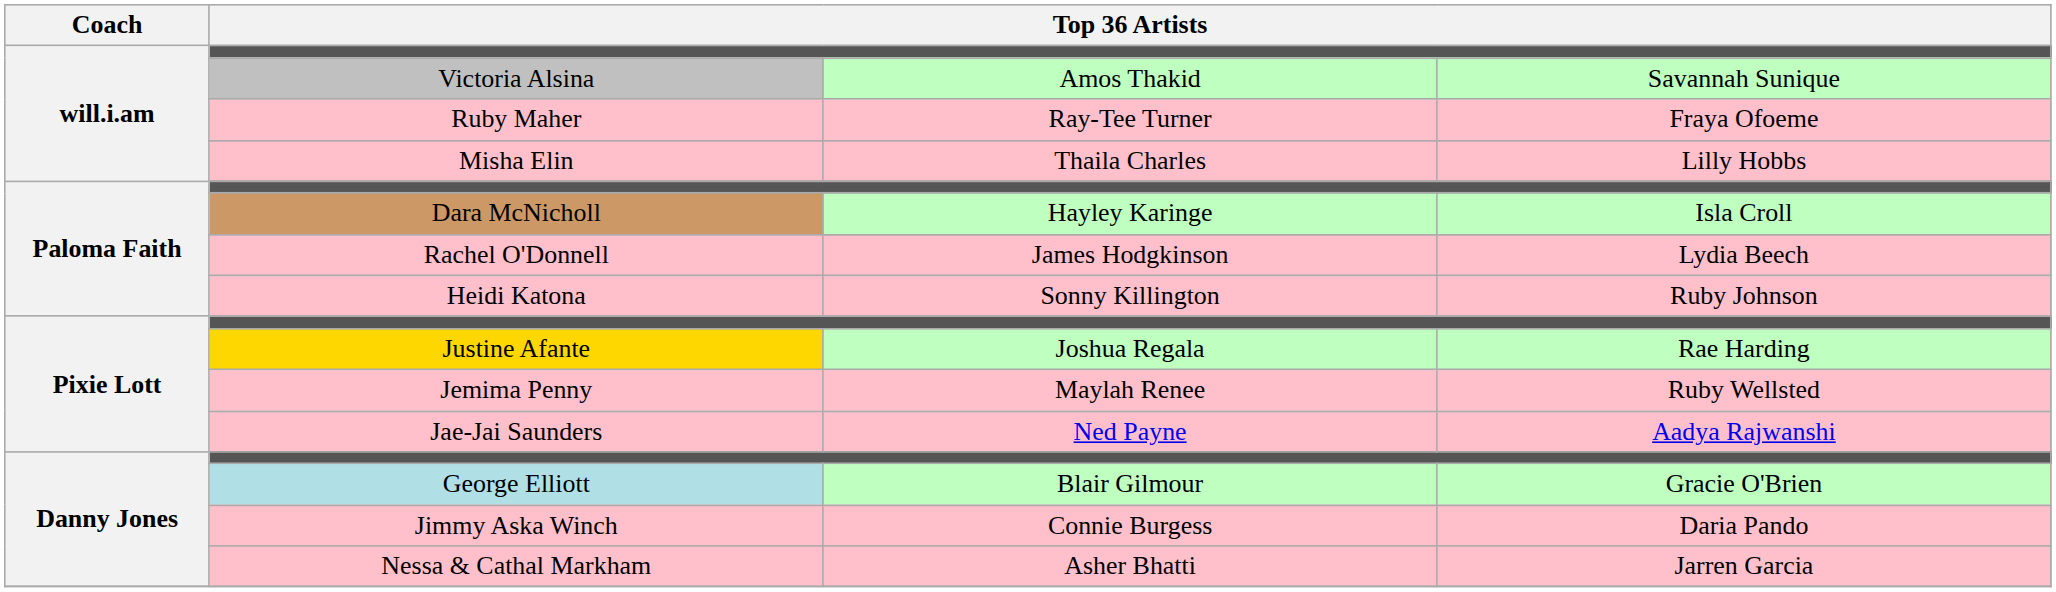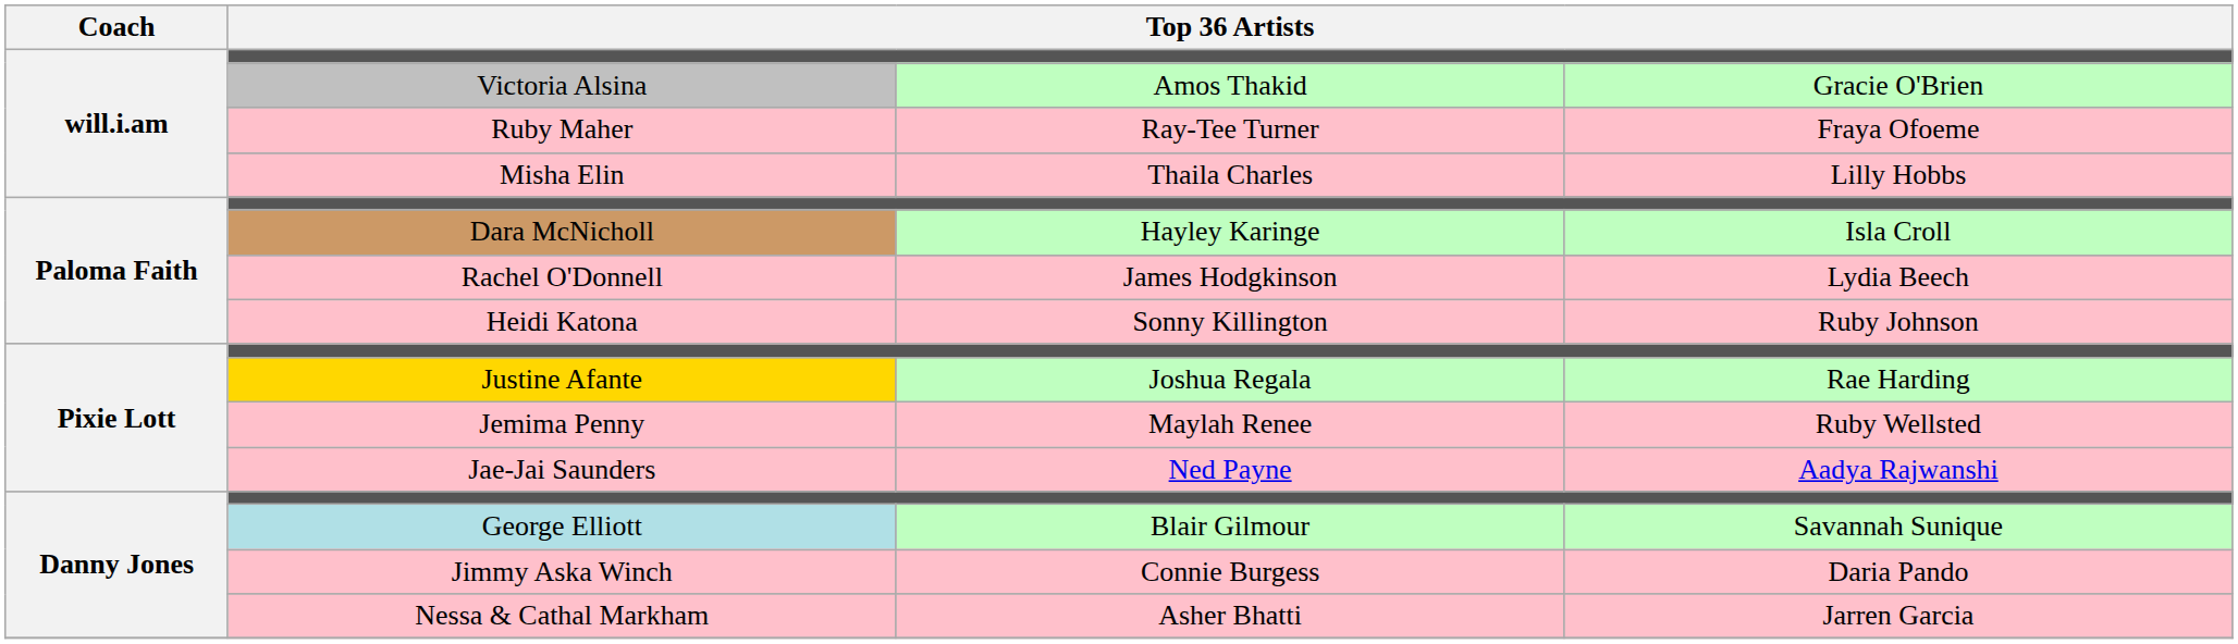 <table class="wikitable" style="text-align:center; width:100%;">
 <tr>
 <th scope="col" style="width:10%;">Coach</th>
 <th scope="col" colspan="6" style="width:90%;">Top 36 Artists</th>
 </tr>
 <tr>
 <th scope="row" rowspan="4">will.i.am</th>
 <td colspan="6" style="background:#555;"></td>
 </tr>
 <tr>
 <td style="background:#C0C0C0; width:30%">Victoria Alsina</td>
 <td style="background:#BFFFC0; width:30%">Amos Thakid</td>
-<td style="background:#BFFFC0; width:30%">Savannah Sunique</td>
+<td style="background:#BFFFC0;">Gracie O'Brien</td>
 </tr>
 <tr>
 <td style="background:pink;">Ruby Maher</td>
 <td style="background:pink;">Ray-Tee Turner</td>
 <td style="background:pink;">Fraya Ofoeme</td>
 </tr>
 <tr>
 <td style="background:pink;">Misha Elin</td>
 <td style="background:pink;">Thaila Charles</td>
 <td style="background:pink;">Lilly Hobbs</td>
 </tr>
 <tr>
 <th scope="row" rowspan="4">Paloma Faith</th>
 <td colspan="6" style="background:#555;"></td>
 </tr>
 <tr>
 <td style="background:#c96;">Dara McNicholl</td>
 <td style="background:#BFFFC0;">Hayley Karinge</td>
 <td style="background:#BFFFC0;">Isla Croll</td>
 </tr>
 <tr>
 <td style="background:pink;">Rachel O'Donnell</td>
 <td style="background:pink;">James Hodgkinson</td>
 <td style="background:pink;">Lydia Beech</td>
 </tr>
 <tr>
 <td style="background:pink;">Heidi Katona</td>
 <td style="background:pink;">Sonny Killington</td>
 <td style="background:pink;">Ruby Johnson</td>
 </tr>
 <tr>
 <th scope="row" rowspan="4">Pixie Lott</th>
 <td colspan="6" style="background:#555;"></td>
 </tr>
 <tr>
 <td style="background:#FFD700;">Justine Afante</td>
 <td style="background:#BFFFC0;">Joshua Regala</td>
 <td style="background:#BFFFC0;">Rae Harding</td>
 </tr>
 <tr>
 <td style="background:pink;">Jemima Penny</td>
 <td style="background:pink;">Maylah Renee</td>
 <td style="background:pink;">Ruby Wellsted</td>
 </tr>
 <tr>
 <td style="background:pink;">Jae-Jai Saunders</td>
 <td style="background:pink;"><a href='#'>Ned Payne</a></td>
 <td style="background:pink;"><a href='#'>Aadya Rajwanshi</a></td>
 </tr>
 <tr>
 <th scope="row" rowspan="4">Danny Jones</th>
 <td colspan="6" style="background:#555;"></td>
 </tr>
 <tr>
 <td style="background:#B0E0E6;">George Elliott</td>
 <td style="background:#BFFFC0;">Blair Gilmour</td>
-<td style="background:#BFFFC0;">Gracie O'Brien</td>
+<td style="background:#BFFFC0; width:30%">Savannah Sunique</td>
 </tr>
 <tr>
 <td style="background:pink;">Jimmy Aska Winch</td>
 <td style="background:pink;">Connie Burgess</td>
 <td style="background:pink;">Daria Pando</td>
 </tr>
 <tr>
 <td style="background:pink;">Nessa & Cathal Markham</td>
 <td style="background:pink;">Asher Bhatti</td>
 <td style="background:pink;">Jarren Garcia</td>
 </tr>
 <tr>
 </tr>
 </table>
